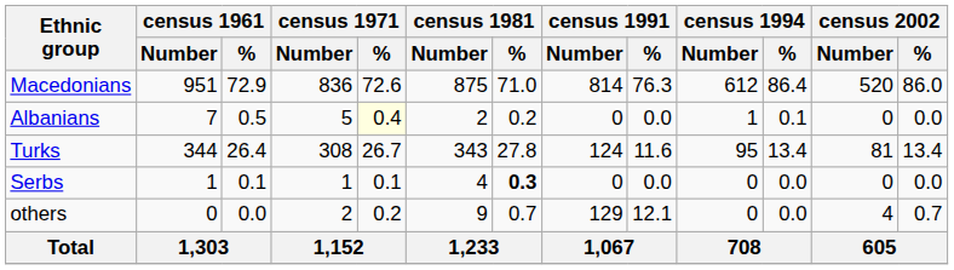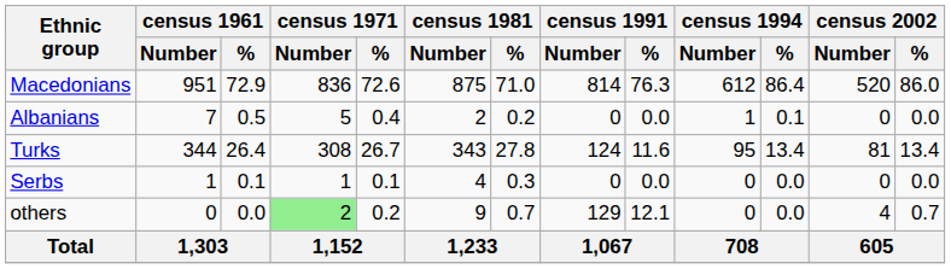 <table class="wikitable">
 <tr>
 <th rowspan="2">Ethnic<br>group</th>
 <th colspan="2">census 1961</th>
 <th colspan="2">census 1971</th>
 <th colspan="2">census 1981</th>
 <th colspan="2">census 1991</th>
 <th colspan="2">census 1994</th>
 <th colspan="2">census 2002</th>
 </tr>
 <tr bgcolor="#e0e0e0">
 <th>Number</th>
 <th>%</th>
 <th>Number</th>
 <th>%</th>
 <th>Number</th>
 <th>%</th>
 <th>Number</th>
 <th>%</th>
 <th>Number</th>
 <th>%</th>
 <th>Number</th>
 <th>%</th>
 </tr>
 <tr>
 <td><a href='#'>Macedonians</a></td>
 <td align="right">951</td>
 <td align="right">72.9</td>
 <td align="right">836</td>
 <td align="right">72.6</td>
 <td align="right">875</td>
 <td align="right">71.0</td>
 <td align="right">814</td>
 <td align="right">76.3</td>
 <td align="right">612</td>
 <td align="right">86.4</td>
 <td align="right">520</td>
 <td align="right">86.0</td>
 </tr>
 <tr>
 <td><a href='#'>Albanians</a></td>
 <td align="right">7</td>
 <td align="right">0.5</td>
 <td align="right">5</td>
-<td align="right" style="background: lightyellow;">0.4</td>
+<td align="right">0.4</td>
 <td align="right">2</td>
 <td align="right">0.2</td>
 <td align="right">0</td>
 <td align="right">0.0</td>
 <td align="right">1</td>
 <td align="right">0.1</td>
 <td align="right">0</td>
 <td align="right">0.0</td>
 </tr>
 <tr>
 <td><a href='#'>Turks</a></td>
 <td align="right">344</td>
 <td align="right">26.4</td>
 <td align="right">308</td>
 <td align="right">26.7</td>
 <td align="right">343</td>
 <td align="right">27.8</td>
 <td align="right">124</td>
 <td align="right">11.6</td>
 <td align="right">95</td>
 <td align="right">13.4</td>
 <td align="right">81</td>
 <td align="right">13.4</td>
 </tr>
 <tr>
 <td><a href='#'>Serbs</a></td>
 <td align="right">1</td>
 <td align="right">0.1</td>
 <td align="right">1</td>
 <td align="right">0.1</td>
 <td align="right">4</td>
-<td align="right"><strong>0.3</strong></td>
+<td align="right">0.3</td>
 <td align="right">0</td>
 <td align="right">0.0</td>
 <td align="right">0</td>
 <td align="right">0.0</td>
 <td align="right">0</td>
 <td align="right">0.0</td>
 </tr>
 <tr>
 <td>others</td>
 <td align="right">0</td>
 <td align="right">0.0</td>
-<td align="right">2</td>
+<td align="right" style="background: lightgreen;">2</td>
 <td align="right">0.2</td>
 <td align="right">9</td>
 <td align="right">0.7</td>
 <td align="right">129</td>
 <td align="right">12.1</td>
 <td align="right">0</td>
 <td align="right">0.0</td>
 <td align="right">4</td>
 <td align="right">0.7</td>
 </tr>
 <tr bgcolor="#e0e0e0">
 <th align="left">Total</th>
 <th colspan="2">1,303</th>
 <th colspan="2">1,152</th>
 <th colspan="2">1,233</th>
 <th colspan="2">1,067</th>
 <th colspan="2">708</th>
 <th colspan="2">605</th>
 </tr>
 <tr>
 </tr>
 </table>
